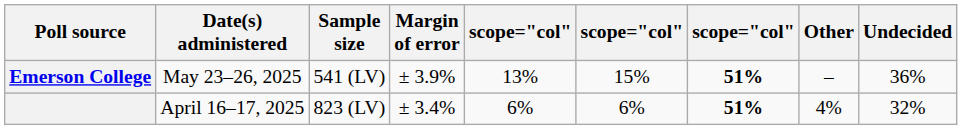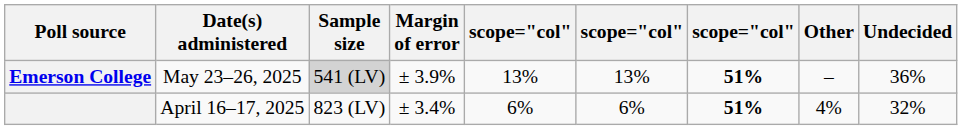 <table class="wikitable plainrowheaders" style="text-align:center; font-size:90%;">
 <tr>
 <th scope="col">Poll source</th>
 <th scope="col">Date(s)<br>administered</th>
 <th scope="col">Sample<br>size</th>
 <th scope="col">Margin<br>of error</th>
 <th>scope="col" </th>
 <th>scope="col" </th>
 <th>scope="col" </th>
 <th scope="col">Other</th>
 <th scope="col">Undecided</th>
 </tr>
 <tr>
 <th scope="row"><a href='#'>Emerson College</a></th>
 <td>May 23–26, 2025</td>
-<td>541 (LV)</td>
+<td style="background: lightgrey;">541 (LV)</td>
 <td>± 3.9%</td>
 <td>13%</td>
-<td>15%</td>
+<td>13%</td>
 <td><strong>51%</strong></td>
 <td>–</td>
 <td>36%</td>
 </tr>
 <tr>
 <th scope="row"></th>
 <td>April 16–17, 2025</td>
 <td>823 (LV)</td>
 <td>± 3.4%</td>
 <td>6%</td>
 <td>6%</td>
 <td><strong>51%</strong></td>
 <td>4%</td>
 <td>32%</td>
 </tr>
 </table>
